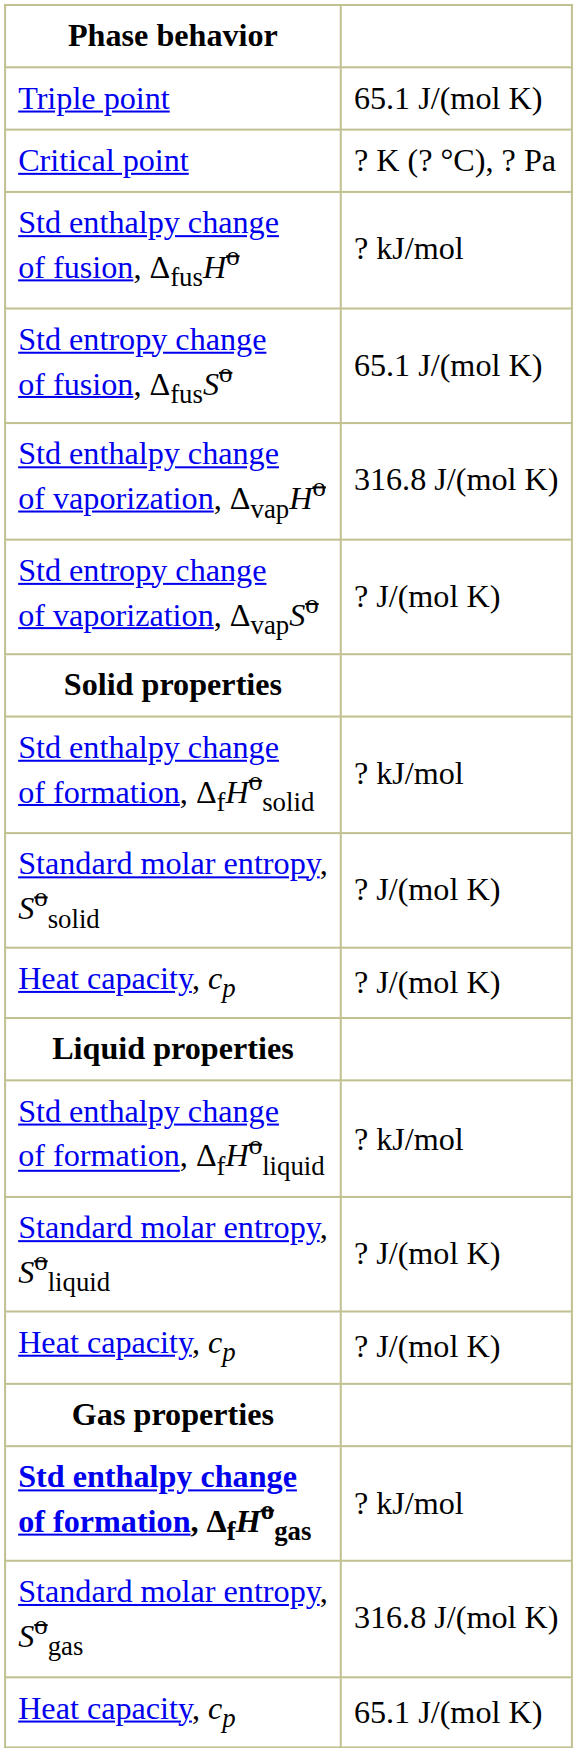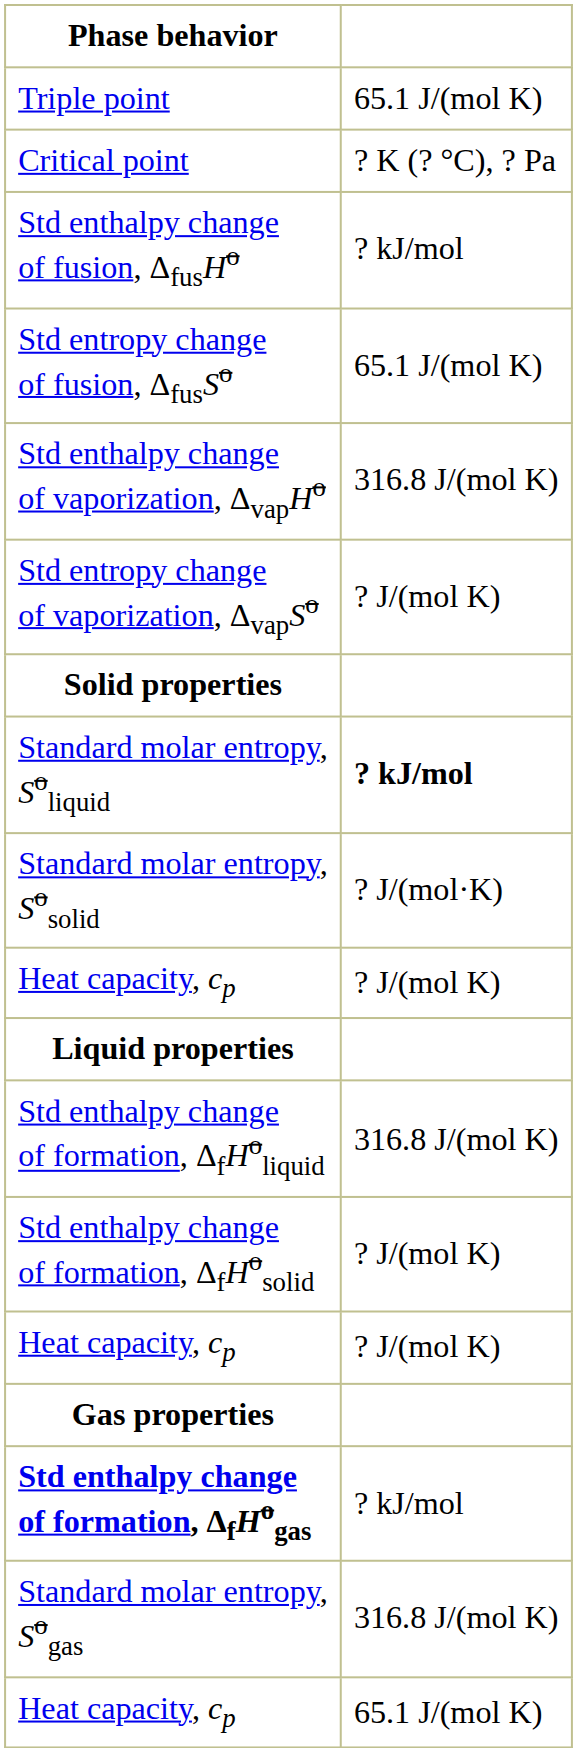 <table border="1" cellspacing="0" cellpadding="6" style="margin: 0 0 0 0.5em; background: #FFFFFF; border-collapse: collapse; border-color: #C0C090;">
 <tr>
 <th>Phase behavior</th>
 </tr>
 <tr>
 <td><a href='#'>Triple point</a></td>
 <td>65.1 J/(mol K)</td>
 </tr>
 <tr>
 <td><a href='#'>Critical point</a></td>
 <td>? K (? °C), ? Pa</td>
 </tr>
 <tr>
 <td><a href='#'>Std enthalpy change<br>of fusion</a>, Δ<sub>fus</sub><em>H</em><sup><s>o</s></sup></td>
 <td>? kJ/mol</td>
 </tr>
 <tr>
 <td><a href='#'>Std entropy change<br>of fusion</a>, Δ<sub>fus</sub><em>S</em><sup><s>o</s></sup></td>
 <td>65.1 J/(mol K)</td>
 </tr>
 <tr>
 <td><a href='#'>Std enthalpy change<br>of vaporization</a>, Δ<sub>vap</sub><em>H</em><sup><s>o</s></sup></td>
 <td>316.8 J/(mol K)</td>
 </tr>
 <tr>
 <td><a href='#'>Std entropy change<br>of vaporization</a>, Δ<sub>vap</sub><em>S</em><sup><s>o</s></sup></td>
 <td>? J/(mol K)</td>
 </tr>
 <tr>
 <th>Solid properties</th>
 </tr>
 <tr>
-<td><a href='#'>Std enthalpy change<br>of formation</a>, Δ<sub>f</sub><em>H</em><sup><s>o</s></sup><sub>solid</sub></td>
-<td>? kJ/mol</td>
+<td><a href='#'>Standard molar entropy</a>,<br><em>S</em><sup><s>o</s></sup><sub>liquid</sub></td>
+<td><strong>? kJ/mol</strong></td>
 </tr>
 <tr>
 <td><a href='#'>Standard molar entropy</a>,<br><em>S</em><sup><s>o</s></sup><sub>solid</sub></td>
-<td>? J/(mol K)</td>
+<td>? J/(mol·K)</td>
 </tr>
 <tr>
 <td><a href='#'>Heat capacity</a>, <em>c<sub>p</sub></em></td>
 <td>? J/(mol K)</td>
 </tr>
 <tr>
 <th>Liquid properties</th>
 </tr>
 <tr>
 <td><a href='#'>Std enthalpy change<br>of formation</a>, Δ<sub>f</sub><em>H</em><sup><s>o</s></sup><sub>liquid</sub></td>
-<td>? kJ/mol</td>
+<td>316.8 J/(mol K)</td>
 </tr>
 <tr>
-<td><a href='#'>Standard molar entropy</a>,<br><em>S</em><sup><s>o</s></sup><sub>liquid</sub></td>
+<td><a href='#'>Std enthalpy change<br>of formation</a>, Δ<sub>f</sub><em>H</em><sup><s>o</s></sup><sub>solid</sub></td>
 <td>? J/(mol K)</td>
 </tr>
 <tr>
 <td><a href='#'>Heat capacity</a>, <em>c<sub>p</sub></em></td>
 <td>? J/(mol K)</td>
 </tr>
 <tr>
 <th>Gas properties</th>
 </tr>
 <tr>
 <td><strong><a href='#'>Std enthalpy change<br>of formation</a>, Δ<sub>f</sub><em>H</em><sup><s>o</s></sup><sub>gas</sub></strong></td>
 <td>? kJ/mol</td>
 </tr>
 <tr>
 <td><a href='#'>Standard molar entropy</a>,<br><em>S</em><sup><s>o</s></sup><sub>gas</sub></td>
 <td>316.8 J/(mol K)</td>
 </tr>
 <tr>
 <td><a href='#'>Heat capacity</a>, <em>c<sub>p</sub></em></td>
 <td>65.1 J/(mol K)</td>
 </tr>
 <tr>
 </tr>
 </table>
